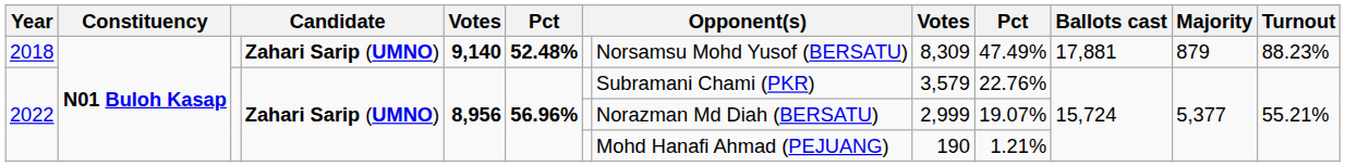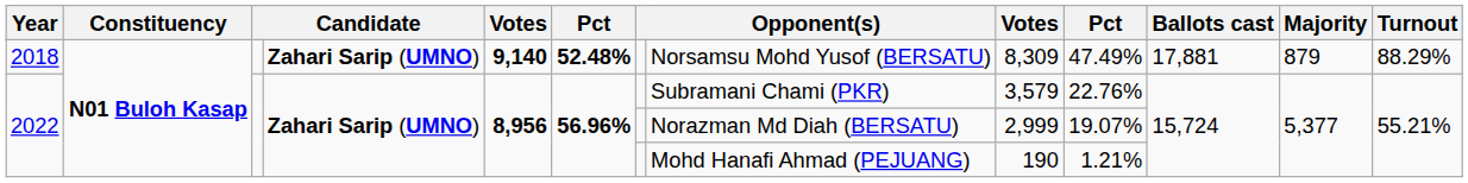 <table class="wikitable" style="margin:0.5em ; font-size:95%">
 <tr>
 <th>Year</th>
 <th>Constituency</th>
 <th colspan=2>Candidate</th>
 <th>Votes</th>
 <th>Pct</th>
 <th colspan=2>Opponent(s)</th>
 <th>Votes</th>
 <th>Pct</th>
 <th>Ballots cast</th>
 <th>Majority</th>
 <th>Turnout</th>
 </tr>
 <tr>
 <td><a href='#'>2018</a></td>
 <td rowspan=4><strong>N01 <a href='#'>Buloh Kasap</a></strong></td>
 <td></td>
 <td><strong>Zahari Sarip</strong> (<a href='#'><strong>UMNO</strong></a>)</td>
 <td align="right"><strong>9,140</strong></td>
 <td><strong>52.48%</strong></td>
 <td></td>
 <td>Norsamsu Mohd Yusof (<a href='#'>BERSATU</a>)</td>
 <td align="right">8,309</td>
 <td>47.49%</td>
 <td>17,881</td>
 <td>879</td>
-<td>88.23%</td>
+<td>88.29%</td>
 </tr>
 <tr>
 <td rowspan=3><a href='#'>2022</a></td>
 <td rowspan=3 ></td>
 <td rowspan=3><strong>Zahari Sarip</strong> (<a href='#'><strong>UMNO</strong></a>)</td>
 <td rowspan=3 align="right"><strong>8,956</strong></td>
 <td rowspan=3><strong>56.96%</strong></td>
 <td></td>
 <td>Subramani Chami (<a href='#'>PKR</a>)</td>
 <td align="right">3,579</td>
 <td>22.76%</td>
 <td rowspan=3>15,724</td>
 <td rowspan=3>5,377</td>
 <td rowspan=3>55.21%</td>
 </tr>
 <tr>
 <td></td>
 <td>Norazman Md Diah (<a href='#'>BERSATU</a>)</td>
 <td align="right">2,999</td>
 <td>19.07%</td>
 </tr>
 <tr>
 <td></td>
 <td>Mohd Hanafi Ahmad (<a href='#'>PEJUANG</a>)</td>
 <td align="right">190</td>
 <td align="right">1.21%</td>
 </tr>
 </table>
